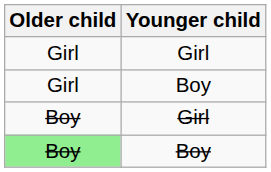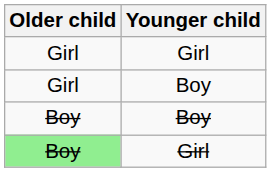 <table class="wikitable" style="text-align:center">
 <tr>
 <th>Older child</th>
 <th>Younger child</th>
 </tr>
 <tr>
 <td>Girl</td>
 <td>Girl</td>
 </tr>
 <tr>
 <td>Girl</td>
 <td>Boy</td>
 </tr>
 <tr>
 <td><s> Boy</s></td>
-<td><s> Girl</s></td>
+<td><s> Boy</s></td>
 </tr>
 <tr>
 <td style="background: lightgreen;"><s> Boy</s></td>
-<td><s> Boy</s></td>
+<td><s> Girl</s></td>
 </tr>
 </table>
